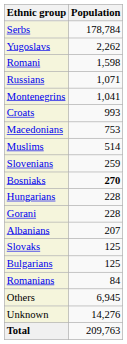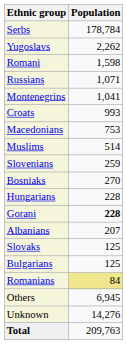 <table class="wikitable">
 <tr>
 <th>Ethnic group</th>
 <th>Population</th>
 </tr>
 <tr>
 <td style="background:beige;"><a href='#'>Serbs</a></td>
 <td align="right">178,784</td>
 </tr>
 <tr>
 <td style="background:beige;"><a href='#'>Yugoslavs</a></td>
 <td align="right">2,262</td>
 </tr>
 <tr>
 <td style="background:beige;"><a href='#'>Romani</a></td>
 <td align="right">1,598</td>
 </tr>
 <tr>
 <td style="background:beige;"><a href='#'>Russians</a></td>
 <td align="right">1,071</td>
 </tr>
 <tr>
 <td style="background:beige;"><a href='#'>Montenegrins</a></td>
 <td align="right">1,041</td>
 </tr>
 <tr>
 <td style="background:beige;"><a href='#'>Croats</a></td>
 <td align="right">993</td>
 </tr>
 <tr>
 <td style="background:beige;"><a href='#'>Macedonians</a></td>
 <td align="right">753</td>
 </tr>
 <tr>
 <td style="background:beige;"><a href='#'>Muslims</a></td>
 <td align="right">514</td>
 </tr>
 <tr>
 <td style="background:beige;"><a href='#'>Slovenians</a></td>
 <td align="right">259</td>
 </tr>
 <tr>
 <td style="background:beige;"><a href='#'>Bosniaks</a></td>
-<td align="right"><strong>270</strong></td>
+<td align="right">270</td>
 </tr>
 <tr>
 <td style="background:beige;"><a href='#'>Hungarians</a></td>
 <td align="right">228</td>
 </tr>
 <tr>
 <td style="background:beige;"><a href='#'>Gorani</a></td>
-<td align="right">228</td>
+<td align="right"><strong>228</strong></td>
 </tr>
 <tr>
 <td style="background:beige;"><a href='#'>Albanians</a></td>
 <td align="right">207</td>
 </tr>
 <tr>
 <td style="background:beige;"><a href='#'>Slovaks</a></td>
 <td align="right">125</td>
 </tr>
 <tr>
 <td style="background:beige;"><a href='#'>Bulgarians</a></td>
 <td align="right">125</td>
 </tr>
 <tr>
 <td style="background:beige;"><a href='#'>Romanians</a></td>
-<td align="right">84</td>
+<td align="right" style="background: khaki;">84</td>
 </tr>
 <tr>
 <td style="background:beige;">Others</td>
 <td align="right">6,945</td>
 </tr>
 <tr>
 <td style="background:beige;">Unknown</td>
 <td align="right">14,276</td>
 </tr>
 <tr>
 <td style="background:#F0F0F0;"><strong>Total</strong></td>
 <td align="right">209,763</td>
 </tr>
 </table>
